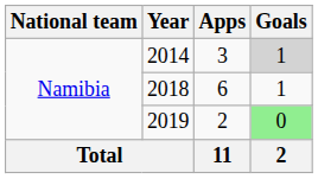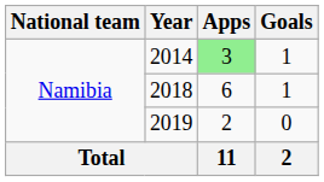 <table class="wikitable" style="text-align:center">
 <tr>
 <th>National team</th>
 <th>Year</th>
 <th>Apps</th>
 <th>Goals</th>
 </tr>
 <tr>
 <td rowspan="3"><a href='#'>Namibia</a></td>
 <td>2014</td>
-<td>3</td>
-<td style="background: lightgrey;">1</td>
+<td style="background: lightgreen;">3</td>
+<td>1</td>
 </tr>
 <tr>
 <td>2018</td>
 <td>6</td>
 <td>1</td>
 </tr>
 <tr>
 <td>2019</td>
 <td>2</td>
-<td style="background: lightgreen;">0</td>
+<td>0</td>
 </tr>
 <tr>
 <th colspan=2>Total</th>
 <th>11</th>
 <th>2</th>
 </tr>
 </table>
